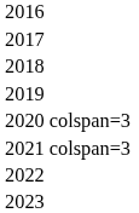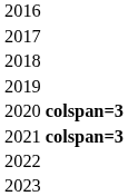 <table>
 <tr>
 <td align="center">2016</td>
 <td></td>
 <td></td>
 <td></td>
 </tr>
 <tr>
 <td align="center">2017</td>
 <td></td>
 <td></td>
 <td></td>
 </tr>
 <tr>
 <td align="center">2018</td>
 <td></td>
 <td></td>
 <td></td>
 </tr>
 <tr>
 <td align="center">2019</td>
 <td></td>
 <td></td>
 <td></td>
 </tr>
 <tr>
 <td align="center">2020</td>
-<td>colspan=3  </td>
+<td><strong>colspan=3  </strong></td>
 </tr>
 <tr>
 <td align="center">2021</td>
-<td>colspan=3  </td>
+<td><strong>colspan=3  </strong></td>
 </tr>
 <tr>
 <td align="center">2022</td>
 <td></td>
 <td></td>
 <td></td>
 </tr>
 <tr>
 <td align="center">2023</td>
 <td></td>
 <td></td>
 <td></td>
 </tr>
 </table>
